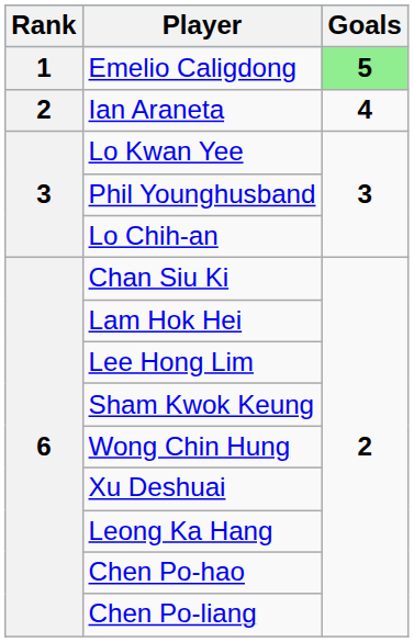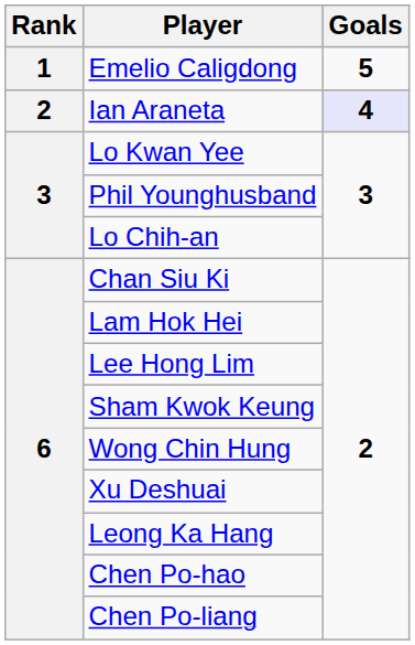 <table class="wikitable">
 <tr bgcolor=#87cefa>
 <th>Rank</th>
 <th>Player</th>
 <th>Goals</th>
 </tr>
 <tr>
 <th>1</th>
 <td align="left"> <a href='#'>Emelio Caligdong</a></td>
-<td align="center" style="background: lightgreen;"><strong>5</strong></td>
+<td align="center"><strong>5</strong></td>
 </tr>
 <tr>
 <th>2</th>
 <td align="left"> <a href='#'>Ian Araneta</a></td>
-<td align="center"><strong>4</strong></td>
+<td align="center" style="background: lavender;"><strong>4</strong></td>
 </tr>
 <tr>
 <th rowspan="3">3</th>
 <td align="left"> <a href='#'>Lo Kwan Yee</a></td>
 <td rowspan="3" align="center"><strong>3</strong></td>
 </tr>
 <tr>
 <td align="left"> <a href='#'>Phil Younghusband</a></td>
 </tr>
 <tr>
 <td align="left"> <a href='#'>Lo Chih-an</a></td>
 </tr>
 <tr>
 <th rowspan="9">6</th>
 <td align="left"> <a href='#'>Chan Siu Ki</a></td>
 <td rowspan="9" align="center"><strong>2</strong></td>
 </tr>
 <tr>
 <td align="left"> <a href='#'>Lam Hok Hei</a></td>
 </tr>
 <tr>
 <td align="left"> <a href='#'>Lee Hong Lim</a></td>
 </tr>
 <tr>
 <td align="left"> <a href='#'>Sham Kwok Keung</a></td>
 </tr>
 <tr>
 <td align="left"> <a href='#'>Wong Chin Hung</a></td>
 </tr>
 <tr>
 <td align="left"> <a href='#'>Xu Deshuai</a></td>
 </tr>
 <tr>
 <td align="left"> <a href='#'>Leong Ka Hang</a></td>
 </tr>
 <tr>
 <td align="left"> <a href='#'>Chen Po-hao</a></td>
 </tr>
 <tr>
 <td align="left"> <a href='#'>Chen Po-liang</a></td>
 </tr>
 </table>
